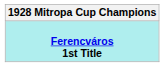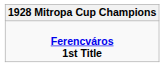 <table class=wikitable style="text-align:center; margin:auto">
 <tr>
 <th>1928 Mitropa Cup Champions</th>
 </tr>
 <tr>
-<td style="background: paleturquoise;"> <br> <strong><a href='#'>Ferencváros</a></strong> <br> <strong>1st Title</strong></td>
+<td> <br> <strong><a href='#'>Ferencváros</a></strong> <br> <strong>1st Title</strong></td>
 </tr>
 </table>
